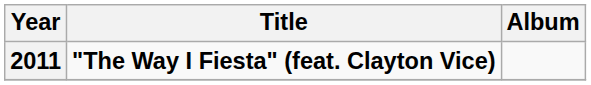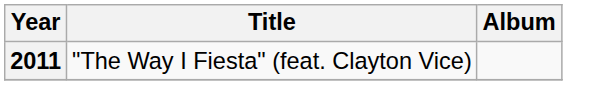 <table class="wikitable plainrowheaders sortable">
 <tr>
 <th>Year</th>
 <th>Title</th>
 <th>Album</th>
 </tr>
 <tr>
 <th scope="row">2011</th>
-<td><strong>"The Way I Fiesta" (feat. Clayton Vice)</strong></td>
+<td>"The Way I Fiesta" (feat. Clayton Vice)</td>
 <td></td>
 </tr>
 <tr>
 </tr>
 </table>
